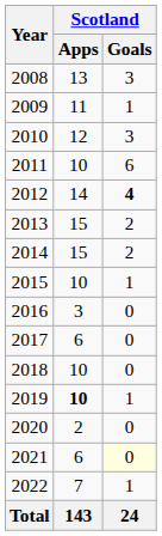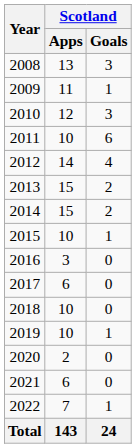 <table class="wikitable" style="text-align:center">
 <tr>
 <th rowspan=2>Year</th>
 <th colspan=2><a href='#'>Scotland</a></th>
 </tr>
 <tr>
 <th>Apps</th>
 <th>Goals</th>
 </tr>
 <tr>
 <td>2008</td>
 <td>13</td>
 <td>3</td>
 </tr>
 <tr>
 <td>2009</td>
 <td>11</td>
 <td>1</td>
 </tr>
 <tr>
 <td>2010</td>
 <td>12</td>
 <td>3</td>
 </tr>
 <tr>
 <td>2011</td>
 <td>10</td>
 <td>6</td>
 </tr>
 <tr>
 <td>2012</td>
 <td>14</td>
-<td><strong>4</strong></td>
+<td>4</td>
 </tr>
 <tr>
 <td>2013</td>
 <td>15</td>
 <td>2</td>
 </tr>
 <tr>
 <td>2014</td>
 <td>15</td>
 <td>2</td>
 </tr>
 <tr>
 <td>2015</td>
 <td>10</td>
 <td>1</td>
 </tr>
 <tr>
 <td>2016</td>
 <td>3</td>
 <td>0</td>
 </tr>
 <tr>
 <td>2017</td>
 <td>6</td>
 <td>0</td>
 </tr>
 <tr>
 <td>2018</td>
 <td>10</td>
 <td>0</td>
 </tr>
 <tr>
 <td>2019</td>
-<td><strong>10</strong></td>
+<td>10</td>
 <td>1</td>
 </tr>
 <tr>
 <td>2020</td>
 <td>2</td>
 <td>0</td>
 </tr>
 <tr>
 <td>2021</td>
 <td>6</td>
-<td style="background: lightyellow;">0</td>
+<td>0</td>
 </tr>
 <tr>
 <td>2022</td>
 <td>7</td>
 <td>1</td>
 </tr>
 <tr>
 <th>Total</th>
 <th>143</th>
 <th>24</th>
 </tr>
 </table>
